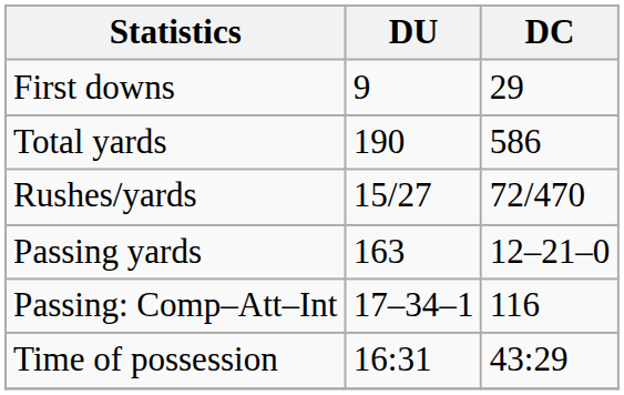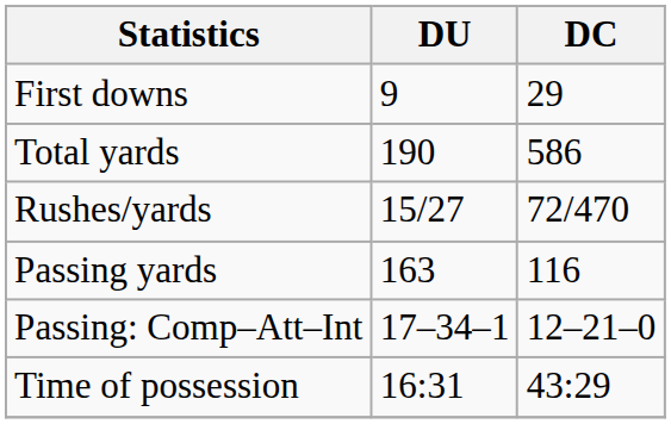 <table class="wikitable" style="float: left;">
 <tr>
 <th>Statistics</th>
 <th>DU</th>
 <th>DC</th>
 </tr>
 <tr>
 <td>First downs</td>
 <td>9</td>
 <td>29</td>
 </tr>
 <tr>
 <td>Total yards</td>
 <td>190</td>
 <td>586</td>
 </tr>
 <tr>
 <td>Rushes/yards</td>
 <td>15/27</td>
 <td>72/470</td>
 </tr>
 <tr>
 <td>Passing yards</td>
 <td>163</td>
-<td>12–21–0</td>
+<td>116</td>
 </tr>
 <tr>
 <td>Passing: Comp–Att–Int</td>
 <td>17–34–1</td>
-<td>116</td>
+<td>12–21–0</td>
 </tr>
 <tr>
 <td>Time of possession</td>
 <td>16:31</td>
 <td>43:29</td>
 </tr>
 <tr>
 </tr>
 </table>
